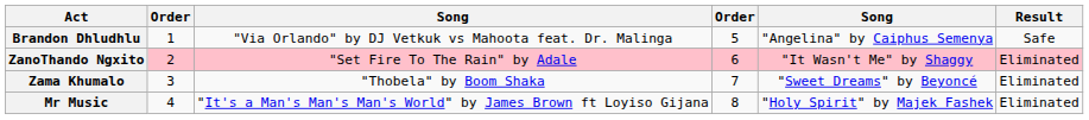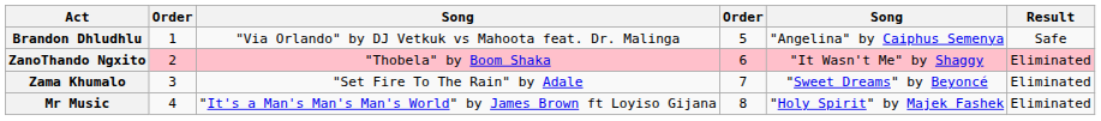 <table class="wikitable plainrowheaders" style="text-align:center;">
 <tr>
 <th scope"col">Act</th>
 <th scope"col">Order</th>
 <th scope"col">Song</th>
 <th scope"col">Order</th>
 <th scope"col">Song</th>
 <th scope"col">Result</th>
 </tr>
 <tr>
 <th scope=row>Brandon Dhludhlu</th>
 <td>1</td>
 <td>"Via Orlando" by DJ Vetkuk vs Mahoota feat. Dr. Malinga</td>
 <td>5</td>
 <td>"Angelina" by <a href='#'>Caiphus Semenya</a></td>
 <td>Safe</td>
 </tr>
 <tr style="background: pink">
 <th scope=row>ZanoThando Ngxito</th>
 <td>2</td>
-<td>"Set Fire To The Rain" by <a href='#'>Adale</a></td>
+<td>"Thobela" by <a href='#'>Boom Shaka</a></td>
 <td>6</td>
 <td>"It Wasn't Me" by <a href='#'>Shaggy</a></td>
 <td>Eliminated</td>
 </tr>
 <tr>
 <th scope=row>Zama Khumalo</th>
 <td>3</td>
-<td>"Thobela" by <a href='#'>Boom Shaka</a></td>
+<td>"Set Fire To The Rain" by <a href='#'>Adale</a></td>
 <td>7</td>
 <td>"<a href='#'>Sweet Dreams</a>" by <a href='#'>Beyoncé</a></td>
 <td>Eliminated</td>
 </tr>
 <tr>
 <th scope=row>Mr Music</th>
 <td>4</td>
 <td>"<a href='#'>It's a Man's Man's Man's World</a>" by <a href='#'>James Brown</a> ft Loyiso Gijana</td>
 <td>8</td>
 <td>"<a href='#'>Holy Spirit</a>" by <a href='#'>Majek Fashek</a></td>
 <td>Eliminated</td>
 </tr>
 </table>
